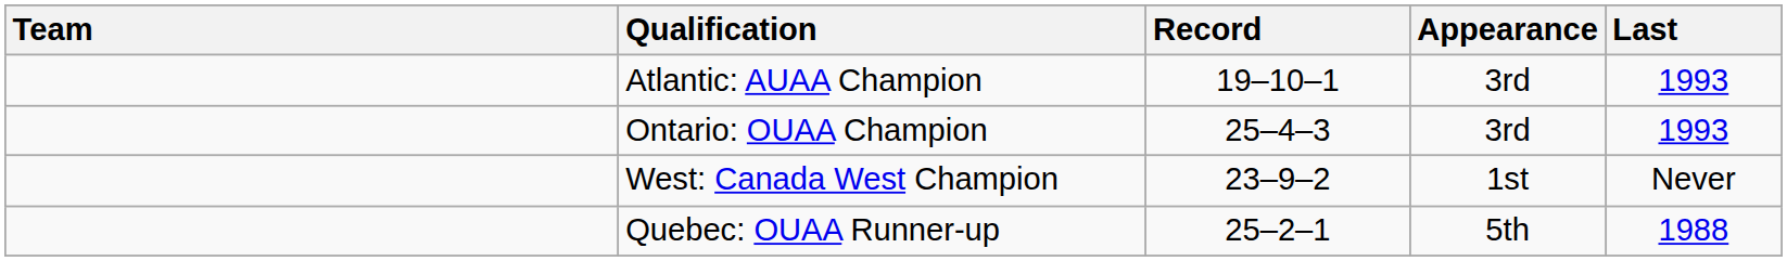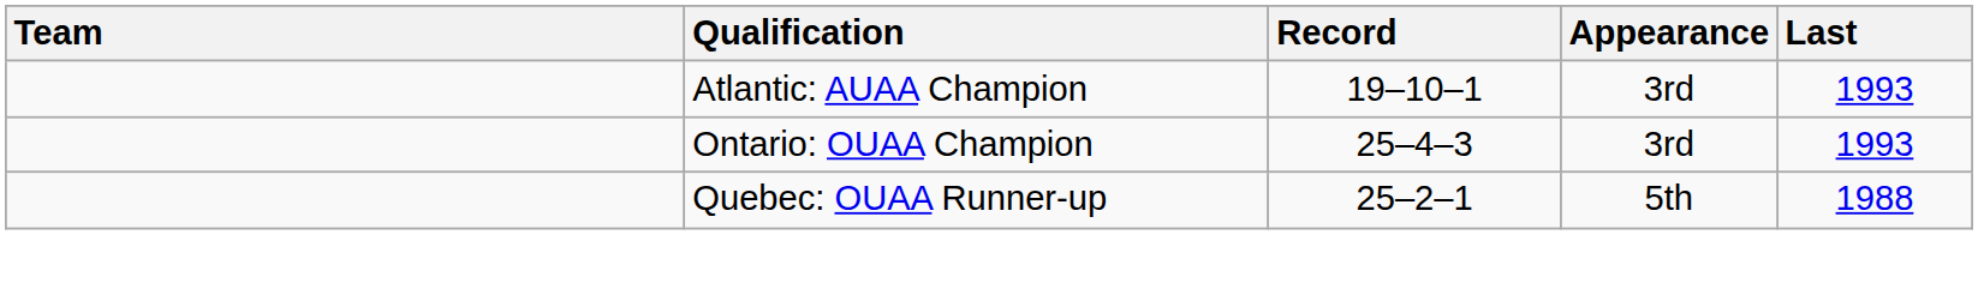 <table class="wikitable sortable" style="text-align: center;" width=900>
 <tr style="background:#efefef; text-align:center">
 <th style="text-align:left" width=35%>Team</th>
 <th style="text-align:left" width=30%>Qualification</th>
 <th style="text-align:left" width=15%>Record</th>
 <th style="text-align:left" width=10%>Appearance</th>
 <th style="text-align:left" width=10%>Last</th>
 </tr>
 <tr style="text-align:center">
 <td style="text-align:left; "><a href='#'></a></td>
 <td style="text-align:left">Atlantic: <a href='#'>AUAA</a> Champion</td>
 <td style="text-align:center">19–10–1</td>
 <td style="text-align:center">3rd</td>
 <td style="text-align:center"><a href='#'>1993</a></td>
 </tr>
 <tr style="text-align:center">
 <td style="text-align:left; "><a href='#'></a></td>
 <td style="text-align:left">Ontario: <a href='#'>OUAA</a> Champion</td>
 <td style="text-align:center">25–4–3</td>
 <td style="text-align:center">3rd</td>
 <td style="text-align:center"><a href='#'>1993</a></td>
 </tr>
 <tr style="text-align:center">
 <td style="text-align:left; "><a href='#'></a></td>
-<td style="text-align:left">West: <a href='#'>Canada West</a> Champion</td>
-<td style="text-align:center">23–9–2</td>
-<td style="text-align:center">1st</td>
-<td style="text-align:center">Never</td>
-</tr>
-<tr style="text-align:center">
-<td style="text-align:left; "><a href='#'></a></td>
 <td style="text-align:left">Quebec: <a href='#'>OUAA</a> Runner-up</td>
 <td style="text-align:center">25–2–1</td>
 <td style="text-align:center">5th</td>
 <td style="text-align:center"><a href='#'>1988</a></td>
 </tr>
 </table>
